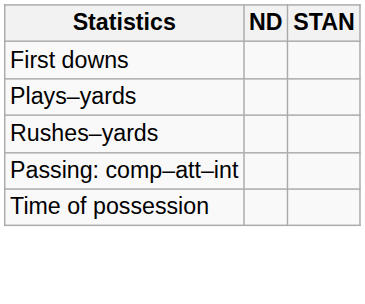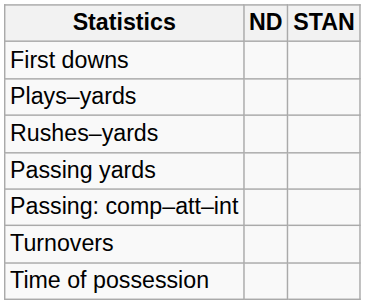 <table class="wikitable" style="float:left">
 <tr>
 <th>Statistics</th>
 <th>ND</th>
 <th>STAN</th>
 </tr>
 <tr>
 <td>First downs</td>
 <td></td>
 <td></td>
 </tr>
 <tr>
 <td>Plays–yards</td>
 <td></td>
 <td></td>
 </tr>
 <tr>
 <td>Rushes–yards</td>
 <td></td>
 <td></td>
 </tr>
 <tr>
+<td>Passing yards</td>
+<td></td>
+<td></td>
+</tr>
+<tr>
 <td>Passing: comp–att–int</td>
+<td></td>
+<td></td>
+</tr>
+<tr>
+<td>Turnovers</td>
 <td></td>
 <td></td>
 </tr>
 <tr>
 <td>Time of possession</td>
 <td></td>
 <td></td>
 </tr>
 </table>
